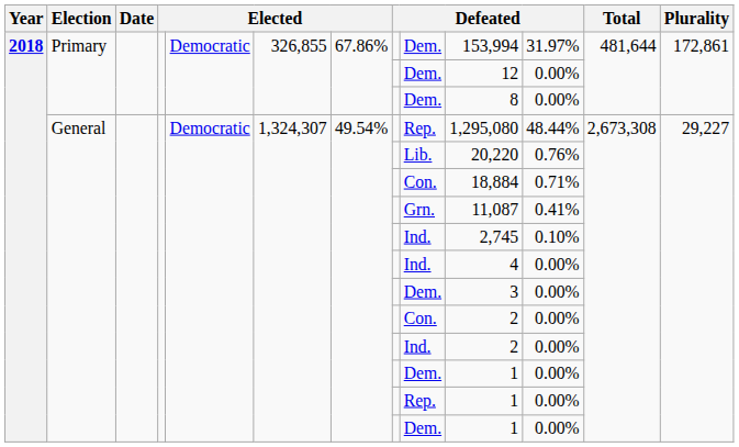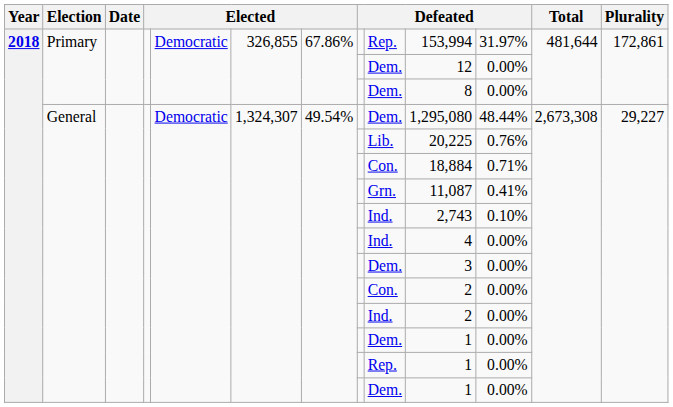 <table class="wikitable">
 <tr>
 <th>Year</th>
 <th>Election</th>
 <th>Date</th>
 <th colspan="4">Elected</th>
 <th colspan="4">Defeated</th>
 <th>Total</th>
 <th>Plurality</th>
 </tr>
 <tr>
 <th rowspan="15" valign="top"><a href='#'>2018</a></th>
 <td rowspan="3" valign="top">Primary</td>
 <td rowspan="3" valign="top"></td>
 <td rowspan="3" valign="top"></td>
 <td valign="top" rowspan="3" ><a href='#'>Democratic</a></td>
 <td rowspan="3" valign="top" align="right">326,855</td>
 <td rowspan="3" valign="top" align="right">67.86%</td>
 <td valign="top"></td>
-<td valign="top" ><a href='#'>Dem.</a></td>
+<td valign="top" ><a href='#'>Rep.</a></td>
 <td valign="top" align="right">153,994</td>
 <td valign="top" align="right">31.97%</td>
 <td rowspan="3" valign="top" align="right">481,644</td>
 <td rowspan="3" valign="top" align="right">172,861</td>
 </tr>
 <tr>
 <td valign="top"></td>
 <td valign="top" ><a href='#'>Dem.</a></td>
 <td valign="top" align="right">12</td>
 <td valign="top" align="right">0.00%</td>
 </tr>
 <tr>
 <td valign="top"></td>
 <td valign="top" ><a href='#'>Dem.</a></td>
 <td valign="top" align="right">8</td>
 <td valign="top" align="right">0.00%</td>
 </tr>
 <tr>
 <td rowspan="12" valign="top">General</td>
 <td rowspan="12" valign="top"></td>
 <td rowspan="12" valign="top"></td>
 <td rowspan="12" valign="top" ><a href='#'>Democratic</a></td>
 <td rowspan="12" valign="top" align="right">1,324,307</td>
 <td rowspan="12" valign="top" align="right">49.54%</td>
 <td valign="top"></td>
-<td valign="top" ><a href='#'>Rep.</a></td>
+<td valign="top" ><a href='#'>Dem.</a></td>
 <td valign="top" align="right">1,295,080</td>
 <td valign="top" align="right">48.44%</td>
 <td rowspan="12" valign="top" align="right">2,673,308</td>
 <td rowspan="12" valign="top" align="right">29,227</td>
 </tr>
 <tr>
 <td valign="top"></td>
 <td valign="top" ><a href='#'>Lib.</a></td>
-<td valign="top" align="right">20,220</td>
+<td valign="top" align="right">20,225</td>
 <td valign="top" align="right">0.76%</td>
 </tr>
 <tr>
 <td valign="top"></td>
 <td valign="top" ><a href='#'>Con.</a></td>
 <td valign="top" align="right">18,884</td>
 <td valign="top" align="right">0.71%</td>
 </tr>
 <tr>
 <td valign="top"></td>
 <td valign="top" ><a href='#'>Grn.</a></td>
 <td valign="top" align="right">11,087</td>
 <td valign="top" align="right">0.41%</td>
 </tr>
 <tr>
 <td valign="top"></td>
 <td valign="top" ><a href='#'>Ind.</a></td>
-<td valign="top" align="right">2,745</td>
+<td valign="top" align="right">2,743</td>
 <td valign="top" align="right">0.10%</td>
 </tr>
 <tr>
 <td valign="top"></td>
 <td valign="top" ><a href='#'>Ind.</a></td>
 <td valign="top" align="right">4</td>
 <td valign="top" align="right">0.00%</td>
 </tr>
 <tr>
 <td valign="top"></td>
 <td valign="top" ><a href='#'>Dem.</a></td>
 <td valign="top" align="right">3</td>
 <td valign="top" align="right">0.00%</td>
 </tr>
 <tr>
 <td valign="top"></td>
 <td valign="top" ><a href='#'>Con.</a></td>
 <td valign="top" align="right">2</td>
 <td valign="top" align="right">0.00%</td>
 </tr>
 <tr>
 <td valign="top"></td>
 <td valign="top" ><a href='#'>Ind.</a></td>
 <td valign="top" align="right">2</td>
 <td valign="top" align="right">0.00%</td>
 </tr>
 <tr>
 <td valign="top"></td>
 <td valign="top" ><a href='#'>Dem.</a></td>
 <td valign="top" align="right">1</td>
 <td valign="top" align="right">0.00%</td>
 </tr>
 <tr>
 <td valign="top"></td>
 <td valign="top" ><a href='#'>Rep.</a></td>
 <td valign="top" align="right">1</td>
 <td valign="top" align="right">0.00%</td>
 </tr>
 <tr>
 <td valign="top"></td>
 <td valign="top" ><a href='#'>Dem.</a></td>
 <td valign="top" align="right">1</td>
 <td valign="top" align="right">0.00%</td>
 </tr>
 </table>
